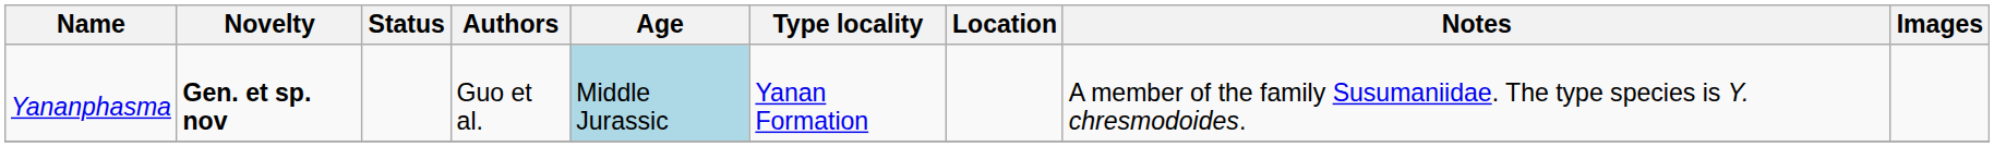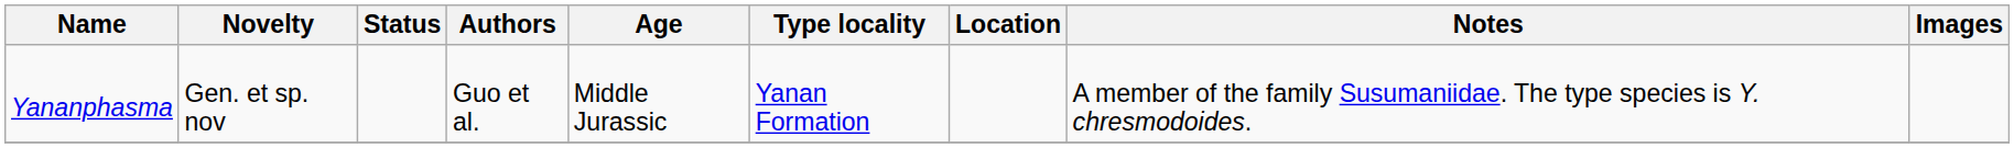 <table class="wikitable sortable" align="center" width="100%">
 <tr>
 <th>Name</th>
 <th>Novelty</th>
 <th>Status</th>
 <th>Authors</th>
 <th>Age</th>
 <th>Type locality</th>
 <th>Location</th>
 <th>Notes</th>
 <th>Images</th>
 </tr>
 <tr>
 <td><br><em><a href='#'>Yananphasma</a></em></td>
-<td><strong><br>Gen. et sp. nov</strong></td>
+<td><br>Gen. et sp. nov</td>
 <td></td>
 <td><br>Guo et al.</td>
-<td style="background: lightblue;"><br>Middle Jurassic</td>
+<td><br>Middle Jurassic</td>
 <td><br><a href='#'>Yanan Formation</a></td>
 <td><br></td>
 <td><br>A member of the family <a href='#'>Susumaniidae</a>. The type species is <em>Y. chresmodoides</em>.</td>
 <td></td>
 </tr>
 <tr>
 </tr>
 </table>
